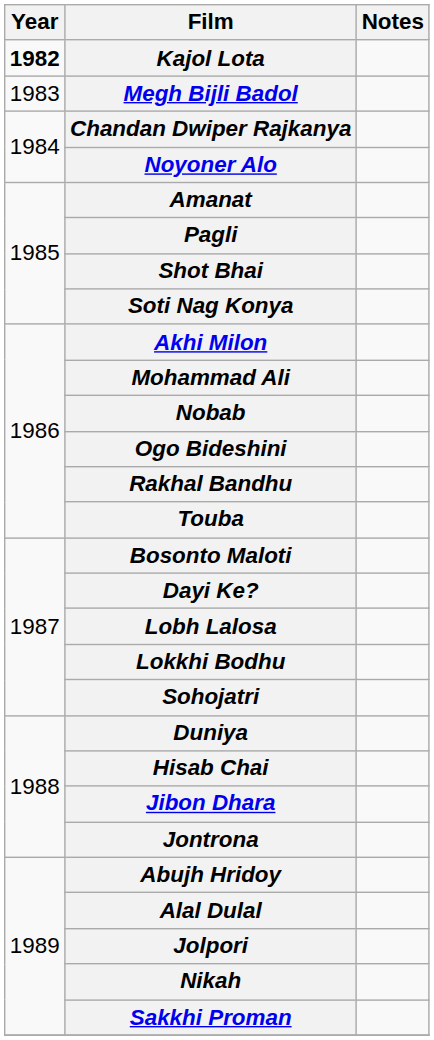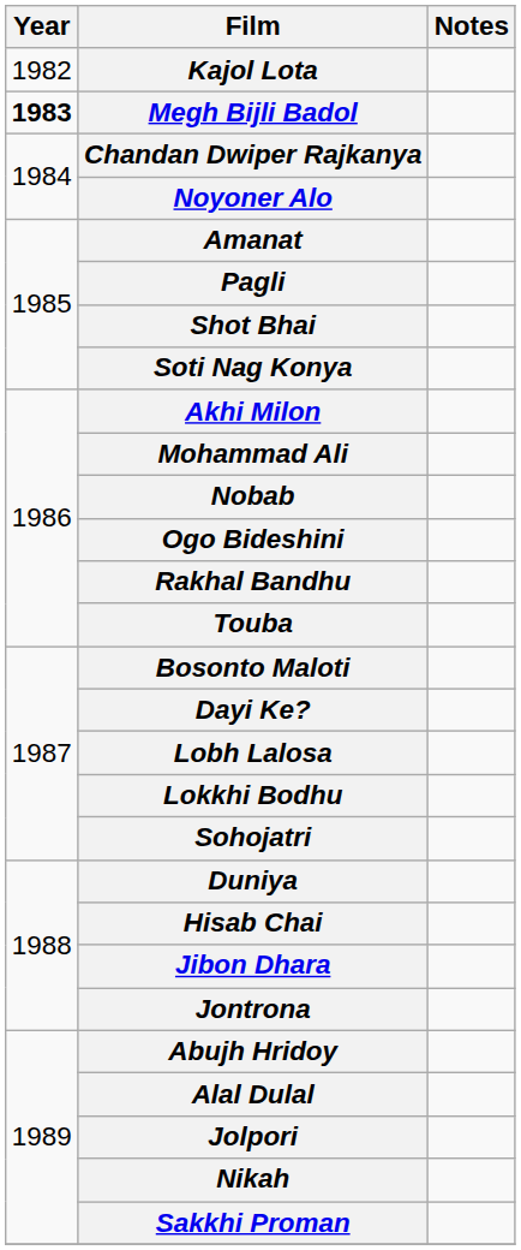 <table class="wikitable sortable">
 <tr>
 <th>Year</th>
 <th>Film</th>
 <th>Notes</th>
 </tr>
 <tr>
-<td><strong>1982</strong></td>
+<td>1982</td>
 <th><em>Kajol Lota</em></th>
 <td></td>
 </tr>
 <tr>
-<td>1983</td>
+<td><strong>1983</strong></td>
 <th><em><a href='#'>Megh Bijli Badol</a></em></th>
 <td></td>
 </tr>
 <tr>
 <td rowspan=2>1984</td>
 <th><em>Chandan Dwiper Rajkanya</em></th>
 <td></td>
 </tr>
 <tr>
 <th><em><a href='#'>Noyoner Alo</a></em></th>
 <td></td>
 </tr>
 <tr>
 <td rowspan=4>1985</td>
 <th><em>Amanat</em></th>
 <td></td>
 </tr>
 <tr>
 <th><em>Pagli</em></th>
 <td></td>
 </tr>
 <tr>
 <th><em>Shot Bhai</em></th>
 <td></td>
 </tr>
 <tr>
 <th><em>Soti Nag Konya</em></th>
 <td></td>
 </tr>
 <tr>
 <td rowspan=6>1986</td>
 <th><em><a href='#'>Akhi Milon</a></em></th>
 <td></td>
 </tr>
 <tr>
 <th><em>Mohammad Ali</em></th>
 <td></td>
 </tr>
 <tr>
 <th><em>Nobab</em></th>
 <td></td>
 </tr>
 <tr>
 <th><em>Ogo Bideshini</em></th>
 <td></td>
 </tr>
 <tr>
 <th><em>Rakhal Bandhu</em></th>
 <td></td>
 </tr>
 <tr>
 <th><em>Touba</em></th>
 <td></td>
 </tr>
 <tr>
 <td rowspan=5>1987</td>
 <th><em>Bosonto Maloti</em></th>
 <td></td>
 </tr>
 <tr>
 <th><em>Dayi Ke?</em></th>
 <td></td>
 </tr>
 <tr>
 <th><em>Lobh Lalosa</em></th>
 <td></td>
 </tr>
 <tr>
 <th><em>Lokkhi Bodhu</em></th>
 <td></td>
 </tr>
 <tr>
 <th><em>Sohojatri</em></th>
 <td></td>
 </tr>
 <tr>
 <td rowspan=4>1988</td>
 <th><em>Duniya</em></th>
 <td></td>
 </tr>
 <tr>
 <th><em>Hisab Chai</em></th>
 <td></td>
 </tr>
 <tr>
 <th><em><a href='#'>Jibon Dhara</a></em></th>
 <td></td>
 </tr>
 <tr>
 <th><em>Jontrona</em></th>
 <td></td>
 </tr>
 <tr>
 <td rowspan=5>1989</td>
 <th><em>Abujh Hridoy</em></th>
 <td></td>
 </tr>
 <tr>
 <th><em>Alal Dulal</em></th>
 <td></td>
 </tr>
 <tr>
 <th><em>Jolpori</em></th>
 <td></td>
 </tr>
 <tr>
 <th><em>Nikah</em></th>
 <td></td>
 </tr>
 <tr>
 <th><em><a href='#'>Sakkhi Proman</a></em></th>
 <td></td>
 </tr>
 <tr>
 </tr>
 </table>
